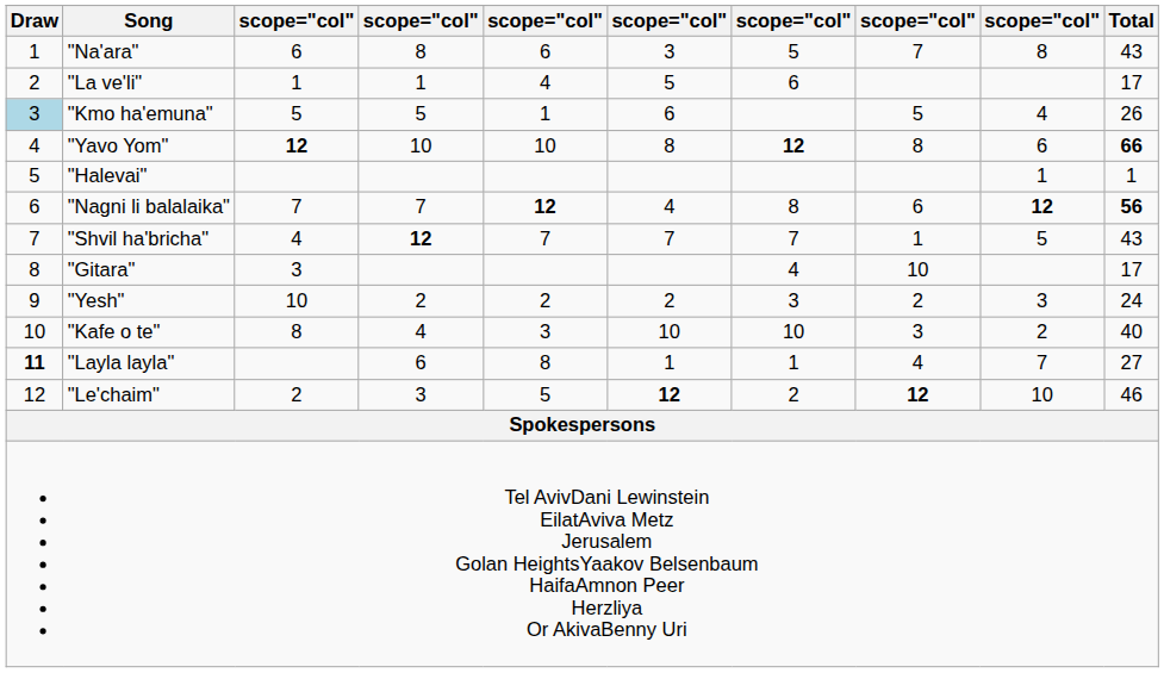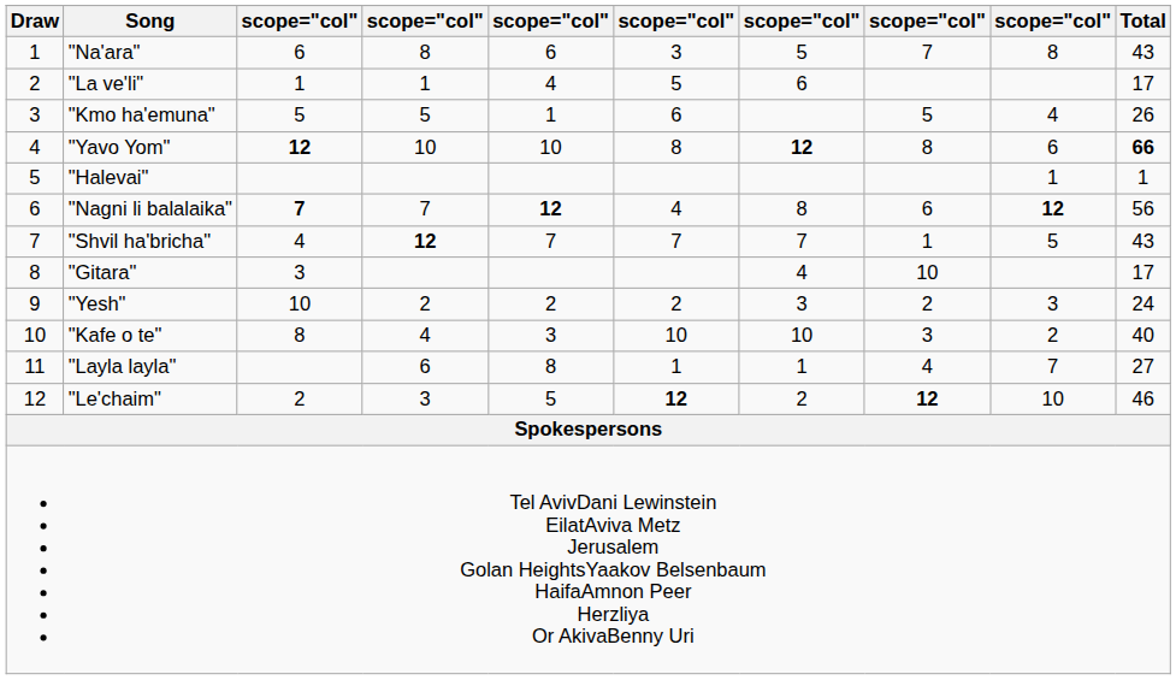 <table class="wikitable plainrowheaders" style="margin: 1em auto 1em auto; text-align:center;">
 <tr>
 </tr>
 <tr>
 <th scope="col">Draw</th>
 <th scope="col">Song</th>
 <th>scope="col" </th>
 <th>scope="col" </th>
 <th>scope="col" </th>
 <th>scope="col" </th>
 <th>scope="col" </th>
 <th>scope="col" </th>
 <th>scope="col" </th>
 <th scope="col">Total</th>
 </tr>
 <tr --->
 <td>1</td>
 <td align="left">"Na'ara"</td>
 <td>6</td>
 <td>8</td>
 <td>6</td>
 <td>3</td>
 <td>5</td>
 <td>7</td>
 <td>8</td>
 <td>43</td>
 </tr>
 <tr --->
 <td>2</td>
 <td align="left">"La ve'li"</td>
 <td>1</td>
 <td>1</td>
 <td>4</td>
 <td>5</td>
 <td>6</td>
 <td></td>
 <td></td>
 <td>17</td>
 </tr>
 <tr --->
-<td style="background: lightblue;">3</td>
+<td>3</td>
 <td align="left">"Kmo ha'emuna"</td>
 <td>5</td>
 <td>5</td>
 <td>1</td>
 <td>6</td>
 <td></td>
 <td>5</td>
 <td>4</td>
 <td>26</td>
 </tr>
 <tr --->
 <td>4</td>
 <td align="left">"Yavo Yom"</td>
 <td><strong>12</strong></td>
 <td>10</td>
 <td>10</td>
 <td>8</td>
 <td><strong>12</strong></td>
 <td>8</td>
 <td>6</td>
 <td><strong>66</strong></td>
 </tr>
 <tr --->
 <td>5</td>
 <td align="left">"Halevai"</td>
 <td></td>
 <td></td>
 <td></td>
 <td></td>
 <td></td>
 <td></td>
 <td>1</td>
 <td>1</td>
 </tr>
 <tr --->
 <td>6</td>
 <td align="left">"Nagni li balalaika"</td>
-<td>7</td>
+<td><strong>7</strong></td>
 <td>7</td>
 <td><strong>12</strong></td>
 <td>4</td>
 <td>8</td>
 <td>6</td>
 <td><strong>12</strong></td>
-<td><strong>56</strong></td>
+<td>56</td>
 </tr>
 <tr --->
 <td>7</td>
 <td align="left">"Shvil ha'bricha"</td>
 <td>4</td>
 <td><strong>12</strong></td>
 <td>7</td>
 <td>7</td>
 <td>7</td>
 <td>1</td>
 <td>5</td>
 <td>43</td>
 </tr>
 <tr --->
 <td>8</td>
 <td align="left">"Gitara"</td>
 <td>3</td>
 <td></td>
 <td></td>
 <td></td>
 <td>4</td>
 <td>10</td>
 <td></td>
 <td>17</td>
 </tr>
 <tr --->
 <td>9</td>
 <td align="left">"Yesh"</td>
 <td>10</td>
 <td>2</td>
 <td>2</td>
 <td>2</td>
 <td>3</td>
 <td>2</td>
 <td>3</td>
 <td>24</td>
 </tr>
 <tr --->
 <td>10</td>
 <td align="left">"Kafe o te"</td>
 <td>8</td>
 <td>4</td>
 <td>3</td>
 <td>10</td>
 <td>10</td>
 <td>3</td>
 <td>2</td>
 <td>40</td>
 </tr>
 <tr --->
-<td><strong>11</strong></td>
+<td>11</td>
 <td align="left">"Layla layla"</td>
 <td></td>
 <td>6</td>
 <td>8</td>
 <td>1</td>
 <td>1</td>
 <td>4</td>
 <td>7</td>
 <td>27</td>
 </tr>
 <tr --->
 <td>12</td>
 <td align="left">"Le'chaim"</td>
 <td>2</td>
 <td>3</td>
 <td>5</td>
 <td><strong>12</strong></td>
 <td>2</td>
 <td><strong>12</strong></td>
 <td>10</td>
 <td>46</td>
 </tr>
 <tr>
 <th colspan="10">Spokespersons</th>
 </tr>
 <tr>
 <td colspan="10"><br><ul><li>Tel AvivDani Lewinstein</li><li>EilatAviva Metz</li><li>Jerusalem</li><li>Golan HeightsYaakov Belsenbaum</li><li>HaifaAmnon Peer</li><li>Herzliya</li><li>Or AkivaBenny Uri</li></ul></td>
 </tr>
 </table>
